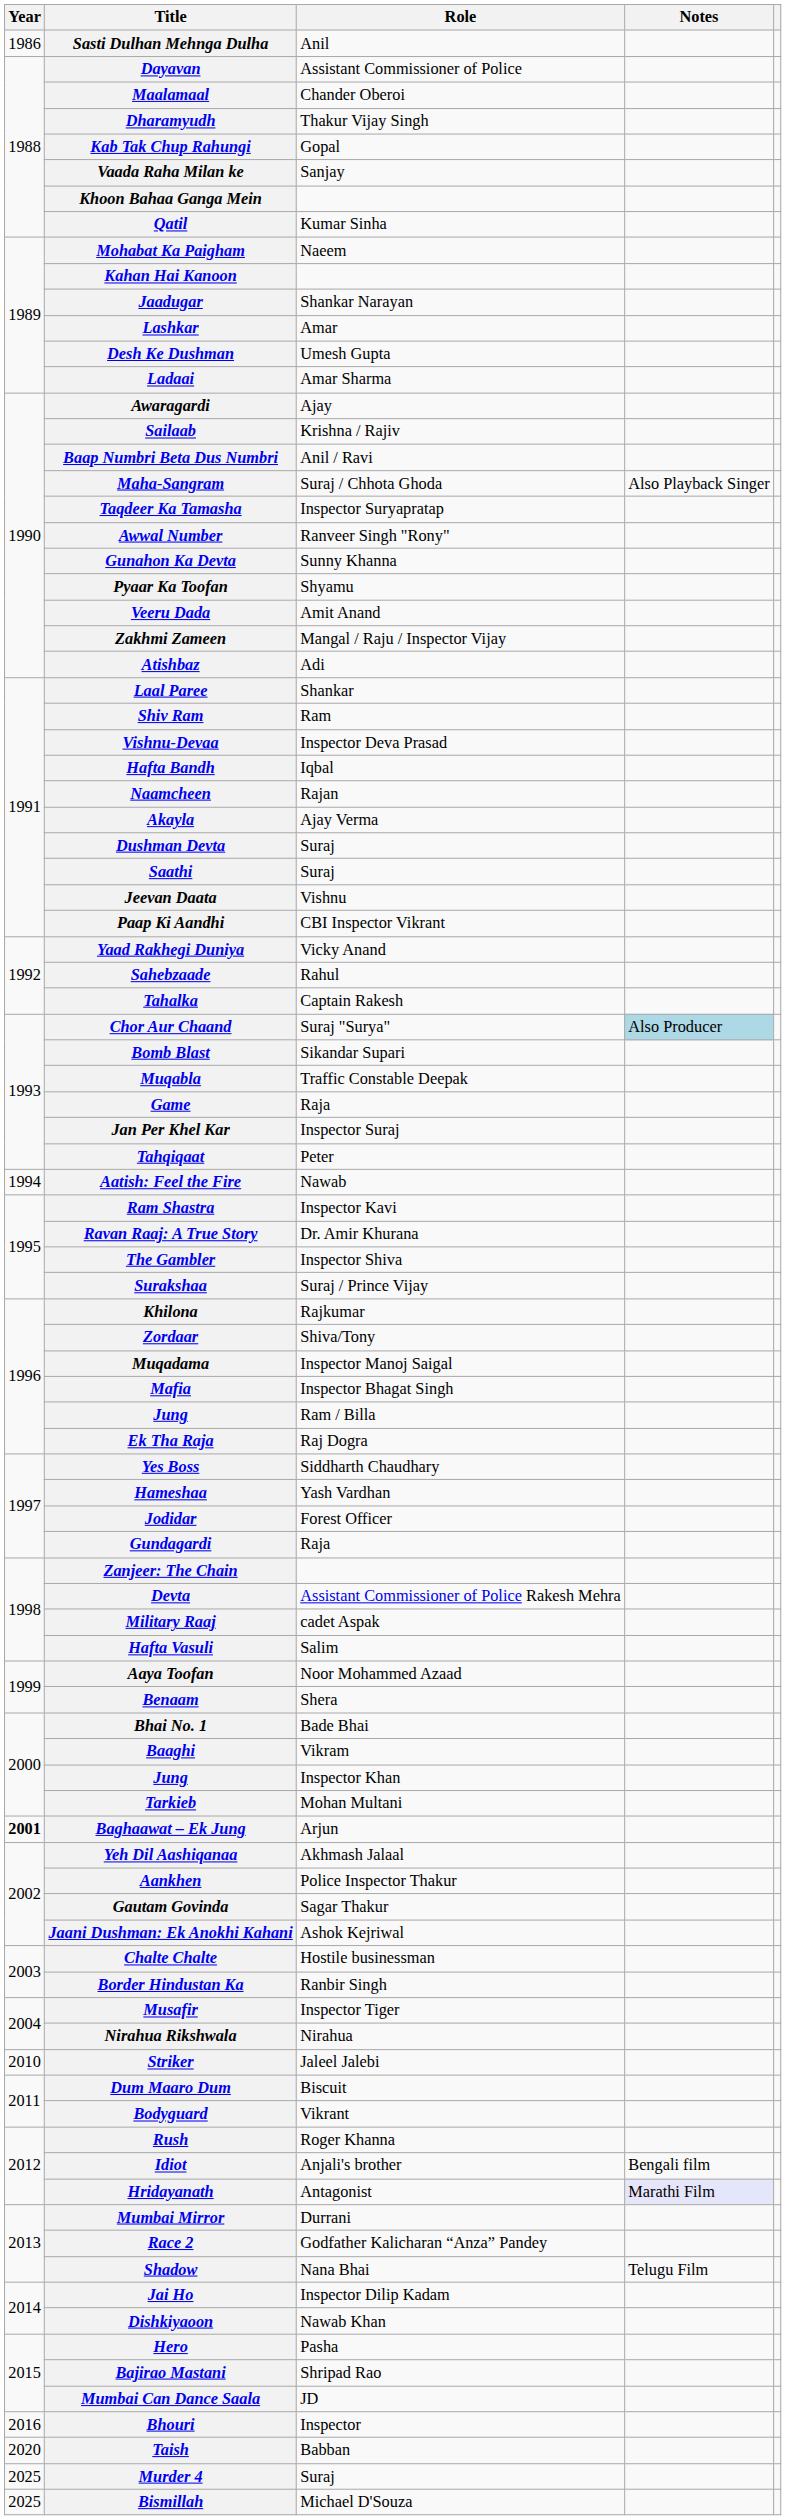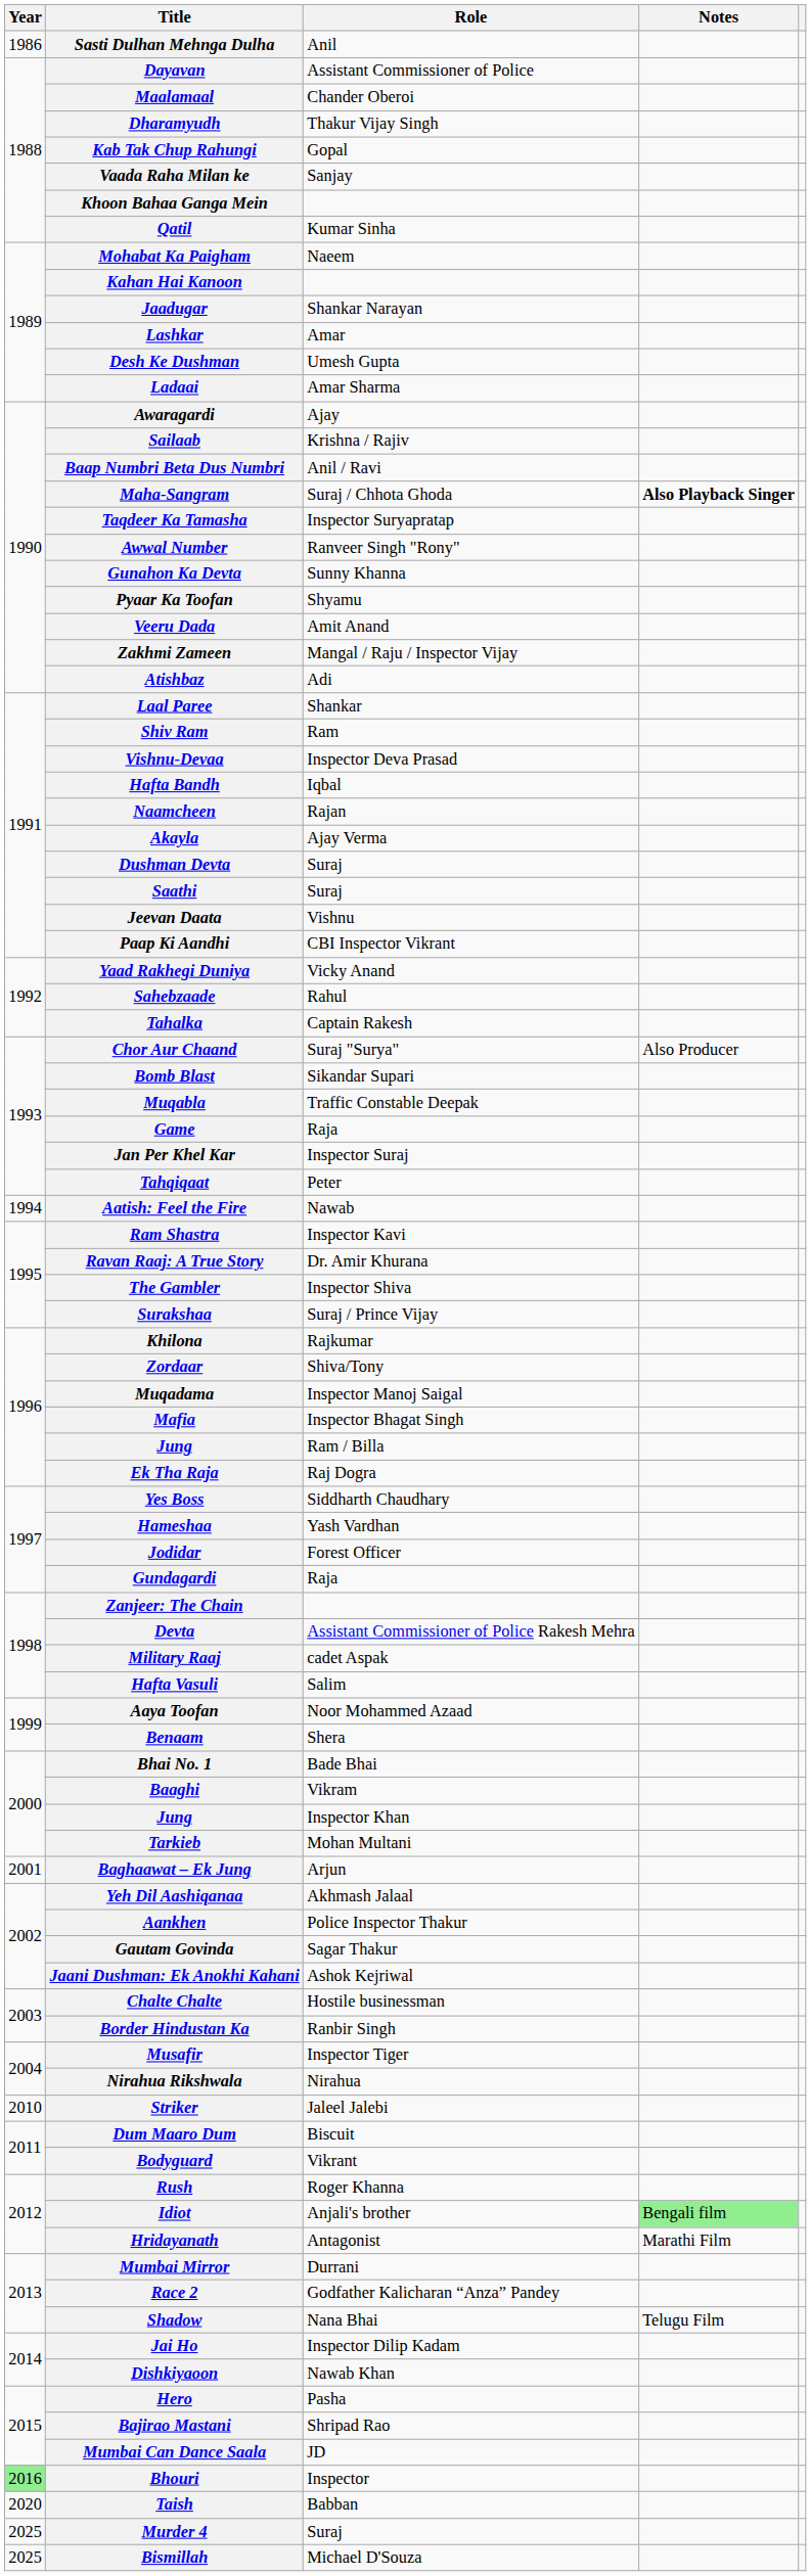 <table class="wikitable plainrowheaders sortable" style="margin-right: 0;">
 <tr>
 <th scope="col">Year</th>
 <th scope="col">Title</th>
 <th scope="col">Role</th>
 <th scope="col">Notes</th>
 <th scope="col" class="unsortable"></th>
 </tr>
 <tr>
 <td>1986</td>
 <th scope="row"><em>Sasti Dulhan Mehnga Dulha </em></th>
 <td>Anil</td>
 <td></td>
 <td></td>
 </tr>
 <tr>
 <td rowspan="7">1988</td>
 <th scope="row"><em><a href='#'>Dayavan</a></em></th>
 <td>Assistant Commissioner of Police</td>
 <td></td>
 <td></td>
 </tr>
 <tr>
 <th scope="row"><em><a href='#'>Maalamaal</a></em></th>
 <td>Chander Oberoi</td>
 <td></td>
 <td></td>
 </tr>
 <tr>
 <th scope="row"><em><a href='#'>Dharamyudh</a></em></th>
 <td>Thakur Vijay Singh</td>
 <td></td>
 <td></td>
 </tr>
 <tr>
 <th scope="row"><em><a href='#'>Kab Tak Chup Rahungi</a></em></th>
 <td>Gopal</td>
 <td></td>
 <td></td>
 </tr>
 <tr>
 <th scope="row"><em>Vaada Raha Milan ke</em></th>
 <td>Sanjay</td>
 <td></td>
 <td></td>
 </tr>
 <tr>
 <th scope="row"><em>Khoon Bahaa Ganga Mein </em></th>
 <td></td>
 <td></td>
 <td></td>
 </tr>
 <tr>
 <th scope="row"><em><a href='#'>Qatil</a></em></th>
 <td>Kumar Sinha</td>
 <td></td>
 <td></td>
 </tr>
 <tr>
 <td rowspan="6">1989</td>
 <th scope="row"><em><a href='#'>Mohabat Ka Paigham</a></em></th>
 <td>Naeem</td>
 <td></td>
 <td></td>
 </tr>
 <tr>
 <th scope="row"><em><a href='#'>Kahan Hai Kanoon</a> </em></th>
 <td></td>
 <td></td>
 <td></td>
 </tr>
 <tr>
 <th scope="row"><em><a href='#'>Jaadugar</a></em></th>
 <td>Shankar Narayan</td>
 <td></td>
 <td></td>
 </tr>
 <tr>
 <th scope="row"><em><a href='#'>Lashkar</a></em></th>
 <td>Amar</td>
 <td></td>
 <td></td>
 </tr>
 <tr>
 <th scope="row"><em><a href='#'>Desh Ke Dushman</a></em></th>
 <td>Umesh Gupta</td>
 <td></td>
 <td></td>
 </tr>
 <tr>
 <th scope="row"><em><a href='#'>Ladaai</a></em></th>
 <td>Amar Sharma</td>
 <td></td>
 <td></td>
 </tr>
 <tr>
 <td rowspan="11">1990</td>
 <th scope="row"><em>Awaragardi</em></th>
 <td>Ajay</td>
 <td></td>
 <td></td>
 </tr>
 <tr>
 <th scope="row"><em><a href='#'>Sailaab</a></em></th>
 <td>Krishna / Rajiv</td>
 <td></td>
 <td></td>
 </tr>
 <tr>
 <th scope="row"><em><a href='#'>Baap Numbri Beta Dus Numbri</a></em></th>
 <td>Anil / Ravi</td>
 <td></td>
 <td></td>
 </tr>
 <tr>
 <th scope="row"><em><a href='#'>Maha-Sangram</a></em></th>
 <td>Suraj / Chhota Ghoda</td>
-<td>Also Playback Singer</td>
+<td><strong>Also Playback Singer</strong></td>
 <td></td>
 </tr>
 <tr>
 <th scope="row"><em><a href='#'>Taqdeer Ka Tamasha</a></em></th>
 <td>Inspector Suryapratap</td>
 <td></td>
 <td></td>
 </tr>
 <tr>
 <th scope="row"><em><a href='#'>Awwal Number</a></em></th>
 <td>Ranveer Singh "Rony"</td>
 <td></td>
 <td></td>
 </tr>
 <tr>
 <th scope="row"><em><a href='#'>Gunahon Ka Devta</a></em></th>
 <td>Sunny Khanna</td>
 <td></td>
 <td></td>
 </tr>
 <tr>
 <th scope="row"><em>Pyaar Ka Toofan </em></th>
 <td>Shyamu</td>
 <td></td>
 <td></td>
 </tr>
 <tr>
 <th scope="row"><em><a href='#'>Veeru Dada</a></em></th>
 <td>Amit Anand</td>
 <td></td>
 <td></td>
 </tr>
 <tr>
 <th scope="row"><em>Zakhmi Zameen </em></th>
 <td>Mangal / Raju / Inspector Vijay</td>
 <td></td>
 <td></td>
 </tr>
 <tr>
 <th scope="row"><em><a href='#'>Atishbaz</a></em></th>
 <td>Adi</td>
 <td></td>
 <td></td>
 </tr>
 <tr>
 <td rowspan="10">1991</td>
 <th scope="row"><em><a href='#'>Laal Paree</a></em></th>
 <td>Shankar</td>
 <td></td>
 <td></td>
 </tr>
 <tr>
 <th scope="row"><em><a href='#'>Shiv Ram</a></em></th>
 <td>Ram</td>
 <td></td>
 <td></td>
 </tr>
 <tr>
 <th scope="row"><em><a href='#'>Vishnu-Devaa</a></em></th>
 <td>Inspector Deva Prasad</td>
 <td></td>
 <td></td>
 </tr>
 <tr>
 <th scope="row"><em><a href='#'>Hafta Bandh</a></em></th>
 <td>Iqbal</td>
 <td></td>
 <td></td>
 </tr>
 <tr>
 <th scope="row"><em><a href='#'>Naamcheen</a></em></th>
 <td>Rajan</td>
 <td></td>
 <td></td>
 </tr>
 <tr>
 <th scope="row"><em><a href='#'>Akayla</a></em></th>
 <td>Ajay Verma</td>
 <td></td>
 <td></td>
 </tr>
 <tr>
 <th scope="row"><em><a href='#'>Dushman Devta</a></em></th>
 <td>Suraj</td>
 <td></td>
 <td></td>
 </tr>
 <tr>
 <th scope="row"><em><a href='#'>Saathi</a></em></th>
 <td>Suraj</td>
 <td></td>
 <td></td>
 </tr>
 <tr>
 <th scope="row"><em>Jeevan Daata</em></th>
 <td>Vishnu</td>
 <td></td>
 <td></td>
 </tr>
 <tr>
 <th scope="row"><em>Paap Ki Aandhi</em></th>
 <td>CBI Inspector Vikrant</td>
 <td></td>
 <td></td>
 </tr>
 <tr>
 <td rowspan="3">1992</td>
 <th scope="row"><em><a href='#'>Yaad Rakhegi Duniya</a></em></th>
 <td>Vicky Anand</td>
 <td></td>
 <td></td>
 </tr>
 <tr>
 <th scope="row"><em><a href='#'>Sahebzaade</a></em></th>
 <td>Rahul</td>
 <td></td>
 <td></td>
 </tr>
 <tr>
 <th scope="row"><em><a href='#'>Tahalka</a></em></th>
 <td>Captain Rakesh</td>
 <td></td>
 <td></td>
 </tr>
 <tr>
 <td rowspan="6">1993</td>
 <th scope="row"><em><a href='#'>Chor Aur Chaand</a></em></th>
 <td>Suraj "Surya"</td>
-<td style="background: lightblue;">Also Producer</td>
+<td>Also Producer</td>
 <td></td>
 </tr>
 <tr>
 <th scope="row"><em><a href='#'>Bomb Blast</a></em></th>
 <td>Sikandar Supari</td>
 <td></td>
 <td></td>
 </tr>
 <tr>
 <th scope="row"><em><a href='#'>Muqabla</a></em></th>
 <td>Traffic Constable Deepak</td>
 <td></td>
 <td></td>
 </tr>
 <tr>
 <th scope="row"><em><a href='#'>Game</a></em></th>
 <td>Raja</td>
 <td></td>
 <td></td>
 </tr>
 <tr>
 <th scope="row"><em>Jan Per Khel Kar</em></th>
 <td>Inspector Suraj</td>
 <td></td>
 <td></td>
 </tr>
 <tr>
 <th scope="row"><em><a href='#'>Tahqiqaat</a></em></th>
 <td>Peter</td>
 <td></td>
 <td></td>
 </tr>
 <tr>
 <td>1994</td>
 <th scope="row"><em><a href='#'>Aatish: Feel the Fire</a></em></th>
 <td>Nawab</td>
 <td></td>
 <td></td>
 </tr>
 <tr>
 <td rowspan="4">1995</td>
 <th scope="row"><em><a href='#'>Ram Shastra</a></em></th>
 <td>Inspector Kavi</td>
 <td></td>
 <td></td>
 </tr>
 <tr>
 <th scope="row"><em><a href='#'>Ravan Raaj: A True Story</a></em></th>
 <td>Dr. Amir Khurana</td>
 <td></td>
 <td></td>
 </tr>
 <tr>
 <th scope="row"><em><a href='#'>The Gambler</a></em></th>
 <td>Inspector Shiva</td>
 <td></td>
 <td></td>
 </tr>
 <tr>
 <th scope="row"><em><a href='#'>Surakshaa</a></em></th>
 <td>Suraj / Prince Vijay </td>
 <td></td>
 <td></td>
 </tr>
 <tr>
 <td rowspan="6">1996</td>
 <th scope="row"><em>Khilona</em></th>
 <td>Rajkumar</td>
 <td></td>
 <td></td>
 </tr>
 <tr>
 <th scope="row"><em><a href='#'>Zordaar</a></em></th>
 <td>Shiva/Tony</td>
 <td></td>
 <td></td>
 </tr>
 <tr>
 <th scope="row"><em>Muqadama</em></th>
 <td>Inspector Manoj Saigal</td>
 <td></td>
 <td></td>
 </tr>
 <tr>
 <th scope="row"><em><a href='#'>Mafia</a></em></th>
 <td>Inspector Bhagat Singh</td>
 <td></td>
 <td></td>
 </tr>
 <tr>
 <th scope="row"><em><a href='#'>Jung</a></em></th>
 <td>Ram / Billa</td>
 <td></td>
 <td></td>
 </tr>
 <tr>
 <th scope="row"><em><a href='#'>Ek Tha Raja</a></em></th>
 <td>Raj Dogra</td>
 <td></td>
 <td></td>
 </tr>
 <tr>
 <td rowspan="4">1997</td>
 <th scope="row"><em><a href='#'>Yes Boss</a></em></th>
 <td>Siddharth Chaudhary</td>
 <td></td>
 <td></td>
 </tr>
 <tr>
 <th scope="row"><em><a href='#'>Hameshaa</a></em></th>
 <td>Yash Vardhan</td>
 <td></td>
 <td></td>
 </tr>
 <tr>
 <th scope="row"><em><a href='#'>Jodidar</a></em></th>
 <td>Forest Officer</td>
 <td></td>
 <td></td>
 </tr>
 <tr>
 <th scope="row"><em><a href='#'>Gundagardi</a></em></th>
 <td>Raja</td>
 <td></td>
 <td></td>
 </tr>
 <tr>
 <td rowspan="4">1998</td>
 <th scope="row"><em><a href='#'>Zanjeer: The Chain</a></em></th>
 <td></td>
 <td></td>
 <td></td>
 </tr>
 <tr>
 <th scope="row"><em><a href='#'>Devta</a></em></th>
 <td><a href='#'>Assistant Commissioner of Police</a> Rakesh Mehra</td>
 <td></td>
 <td></td>
 </tr>
 <tr>
 <th scope="row"><em><a href='#'>Military Raaj</a></em></th>
 <td>cadet Aspak</td>
 <td></td>
 <td></td>
 </tr>
 <tr>
 <th scope="row"><em><a href='#'>Hafta Vasuli</a></em></th>
 <td>Salim</td>
 <td></td>
 <td></td>
 </tr>
 <tr>
 <td rowspan="2">1999</td>
 <th scope="row"><em>Aaya Toofan</em></th>
 <td>Noor Mohammed Azaad</td>
 <td></td>
 <td></td>
 </tr>
 <tr>
 <th scope="row"><em><a href='#'>Benaam</a></em></th>
 <td>Shera</td>
 <td></td>
 <td></td>
 </tr>
 <tr>
 <td rowspan="4">2000</td>
 <th scope="row"><em>Bhai No. 1</em></th>
 <td>Bade Bhai</td>
 <td></td>
 <td></td>
 </tr>
 <tr>
 <th scope="row"><em><a href='#'>Baaghi</a></em></th>
 <td>Vikram</td>
 <td></td>
 <td></td>
 </tr>
 <tr>
 <th scope="row"><em><a href='#'>Jung</a></em></th>
 <td>Inspector Khan</td>
 <td></td>
 <td></td>
 </tr>
 <tr>
 <th scope="row"><em><a href='#'>Tarkieb</a></em></th>
 <td>Mohan Multani</td>
 <td></td>
 <td></td>
 </tr>
 <tr>
-<td><strong>2001</strong></td>
+<td>2001</td>
 <th scope="row"><em><a href='#'>Baghaawat – Ek Jung</a></em></th>
 <td>Arjun</td>
 <td></td>
 <td></td>
 </tr>
 <tr>
 <td rowspan="4">2002</td>
 <th scope="row"><em><a href='#'>Yeh Dil Aashiqanaa</a></em></th>
 <td>Akhmash Jalaal</td>
 <td></td>
 <td></td>
 </tr>
 <tr>
 <th scope="row"><em><a href='#'>Aankhen</a></em></th>
 <td>Police Inspector Thakur</td>
 <td></td>
 <td></td>
 </tr>
 <tr>
 <th scope="row"><em>Gautam Govinda</em></th>
 <td>Sagar Thakur</td>
 <td></td>
 <td></td>
 </tr>
 <tr>
 <th scope="row"><em><a href='#'>Jaani Dushman: Ek Anokhi Kahani</a></em></th>
 <td>Ashok Kejriwal</td>
 <td></td>
 <td></td>
 </tr>
 <tr>
 <td rowspan="2">2003</td>
 <th scope="row"><em><a href='#'>Chalte Chalte</a></em></th>
 <td>Hostile businessman</td>
 <td></td>
 <td></td>
 </tr>
 <tr>
 <th scope="row"><em><a href='#'>Border Hindustan Ka</a></em></th>
 <td>Ranbir Singh</td>
 <td></td>
 <td></td>
 </tr>
 <tr>
 <td rowspan="2">2004</td>
 <th scope="row"><em><a href='#'>Musafir</a></em></th>
 <td>Inspector Tiger</td>
 <td></td>
 <td></td>
 </tr>
 <tr>
 <th scope="row"><em>Nirahua Rikshwala</em></th>
 <td>Nirahua</td>
 <td></td>
 <td></td>
 </tr>
 <tr>
 <td>2010</td>
 <th scope="row"><em><a href='#'>Striker</a></em></th>
 <td>Jaleel Jalebi</td>
 <td></td>
 <td></td>
 </tr>
 <tr>
 <td rowspan="2">2011</td>
 <th scope="row"><em><a href='#'>Dum Maaro Dum</a></em></th>
 <td>Biscuit</td>
 <td></td>
 <td></td>
 </tr>
 <tr>
 <th scope="row"><em><a href='#'>Bodyguard</a></em></th>
 <td>Vikrant</td>
 <td></td>
 <td></td>
 </tr>
 <tr>
 <td rowspan="3">2012</td>
 <th scope="row"><em><a href='#'>Rush</a></em></th>
 <td>Roger Khanna</td>
 <td></td>
 <td></td>
 </tr>
 <tr>
 <th scope="row"><em><a href='#'>Idiot</a></em></th>
 <td>Anjali's brother</td>
-<td>Bengali film</td>
+<td style="background: lightgreen;">Bengali film</td>
 <td></td>
 </tr>
 <tr>
 <th scope="row"><em><a href='#'>Hridayanath</a></em></th>
 <td>Antagonist</td>
-<td style="background: lavender;">Marathi Film</td>
+<td>Marathi Film</td>
 <td></td>
 </tr>
 <tr>
 <td rowspan="3">2013</td>
 <th scope="row"><em><a href='#'>Mumbai Mirror</a></em></th>
 <td>Durrani</td>
 <td></td>
 <td></td>
 </tr>
 <tr>
 <th scope="row"><em><a href='#'>Race 2</a></em></th>
 <td>Godfather Kalicharan “Anza” Pandey</td>
 <td></td>
 <td></td>
 </tr>
 <tr>
 <th scope="row"><em><a href='#'>Shadow</a></em></th>
 <td>Nana Bhai</td>
 <td>Telugu Film</td>
 <td></td>
 </tr>
 <tr>
 <td rowspan="2">2014</td>
 <th scope="row"><em><a href='#'>Jai Ho</a></em></th>
 <td>Inspector Dilip Kadam</td>
 <td></td>
 <td></td>
 </tr>
 <tr>
 <th scope="row"><em><a href='#'>Dishkiyaoon</a></em></th>
 <td>Nawab Khan</td>
 <td></td>
 <td></td>
 </tr>
 <tr>
 <td rowspan="3">2015</td>
 <th scope="row"><em><a href='#'>Hero</a></em></th>
 <td>Pasha</td>
 <td></td>
 <td></td>
 </tr>
 <tr>
 <th scope="row"><em><a href='#'>Bajirao Mastani</a></em></th>
 <td>Shripad Rao</td>
 <td></td>
 <td></td>
 </tr>
 <tr>
 <th scope="row"><em><a href='#'>Mumbai Can Dance Saala</a></em></th>
 <td>JD</td>
 <td></td>
 <td></td>
 </tr>
 <tr>
-<td>2016</td>
+<td style="background: lightgreen;">2016</td>
 <th scope="row"><em><a href='#'>Bhouri</a></em></th>
 <td>Inspector</td>
 <td></td>
 <td></td>
 </tr>
 <tr>
 <td>2020</td>
 <th scope="row"><em><a href='#'>Taish</a></em></th>
 <td>Babban</td>
 <td></td>
 <td></td>
 </tr>
 <tr>
 <td>2025</td>
 <th scope="row"><em><a href='#'>Murder 4</a></em></th>
 <td>Suraj</td>
 <td></td>
 <td></td>
 </tr>
 <tr>
 <td>2025</td>
 <th scope="row"><em><a href='#'>Bismillah</a></em></th>
 <td>Michael D'Souza</td>
 <td></td>
 <td></td>
 </tr>
 </table>
